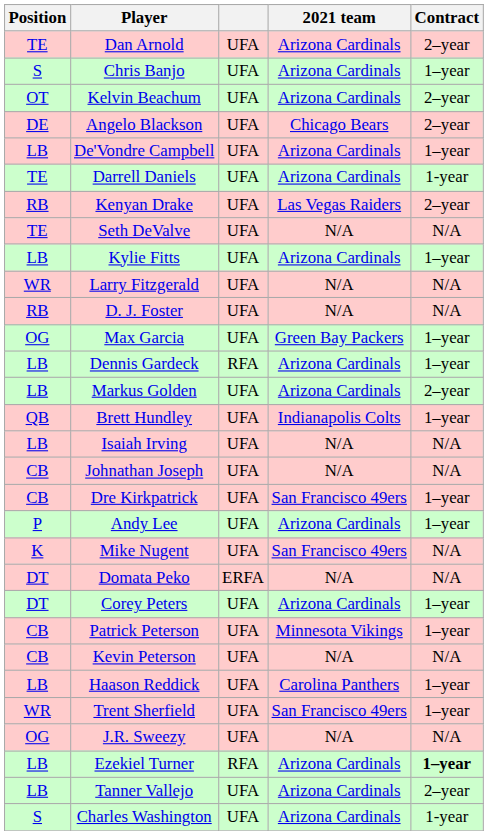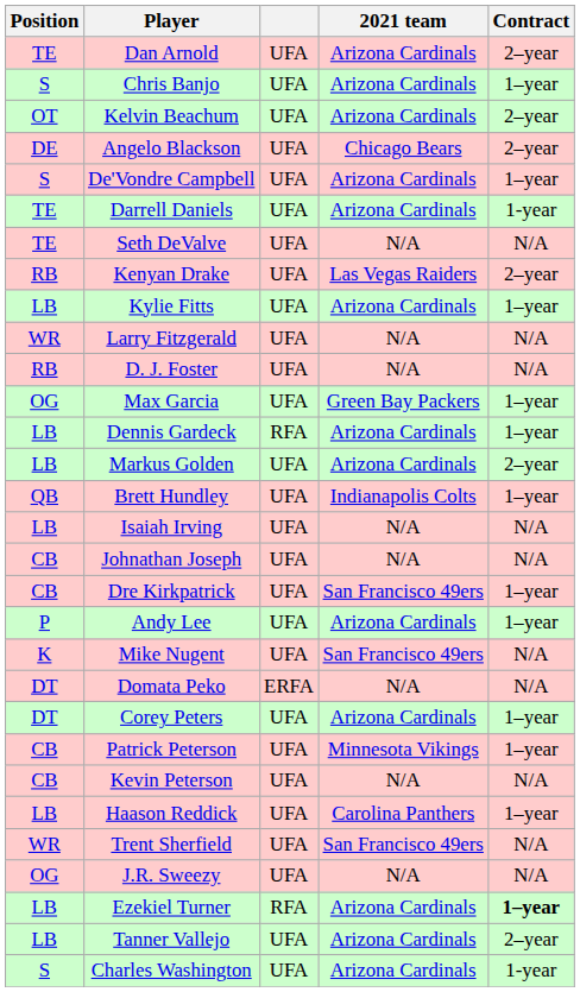 <table class="wikitable" style="text-align:center">
 <tr>
 <th>Position</th>
 <th>Player</th>
 <th></th>
 <th>2021 team</th>
 <th>Contract</th>
 </tr>
 <tr style="background:#fcc">
 <td><a href='#'>TE</a></td>
 <td><a href='#'>Dan Arnold</a></td>
 <td>UFA</td>
 <td><a href='#'>Arizona Cardinals</a></td>
 <td>2–year</td>
 </tr>
 <tr style="background:#cfc">
 <td><a href='#'>S</a></td>
 <td><a href='#'>Chris Banjo</a></td>
 <td>UFA</td>
 <td><a href='#'>Arizona Cardinals</a></td>
 <td>1–year</td>
 </tr>
 <tr style="background:#cfc">
 <td><a href='#'>OT</a></td>
 <td><a href='#'>Kelvin Beachum</a></td>
 <td>UFA</td>
 <td><a href='#'>Arizona Cardinals</a></td>
 <td>2–year</td>
 </tr>
 <tr style="background:#fcc">
 <td><a href='#'>DE</a></td>
 <td><a href='#'>Angelo Blackson</a></td>
 <td>UFA</td>
 <td><a href='#'>Chicago Bears</a></td>
 <td>2–year</td>
 </tr>
 <tr style="background:#fcc">
-<td><a href='#'>LB</a></td>
+<td><a href='#'>S</a></td>
 <td><a href='#'>De'Vondre Campbell</a></td>
 <td>UFA</td>
 <td><a href='#'>Arizona Cardinals</a></td>
 <td>1–year</td>
 </tr>
 <tr style="background:#cfc">
 <td><a href='#'>TE</a></td>
 <td><a href='#'>Darrell Daniels</a></td>
 <td>UFA</td>
 <td><a href='#'>Arizona Cardinals</a></td>
 <td>1-year</td>
 </tr>
 <tr style="background:#fcc">
+<td><a href='#'>TE</a></td>
+<td><a href='#'>Seth DeValve</a></td>
+<td>UFA</td>
+<td>N/A</td>
+<td>N/A</td>
+</tr>
+<tr style="background:#fcc">
 <td><a href='#'>RB</a></td>
 <td><a href='#'>Kenyan Drake</a></td>
 <td>UFA</td>
 <td><a href='#'>Las Vegas Raiders</a></td>
 <td>2–year</td>
-</tr>
-<tr style="background:#fcc">
-<td><a href='#'>TE</a></td>
-<td><a href='#'>Seth DeValve</a></td>
-<td>UFA</td>
-<td>N/A</td>
-<td>N/A</td>
 </tr>
 <tr style="background:#cfc">
 <td><a href='#'>LB</a></td>
 <td><a href='#'>Kylie Fitts</a></td>
 <td>UFA</td>
 <td><a href='#'>Arizona Cardinals</a></td>
 <td>1–year</td>
 </tr>
 <tr style="background:#fcc">
 <td><a href='#'>WR</a></td>
 <td><a href='#'>Larry Fitzgerald</a></td>
 <td>UFA</td>
 <td>N/A</td>
 <td>N/A</td>
 </tr>
 <tr style="background:#fcc">
 <td><a href='#'>RB</a></td>
 <td><a href='#'>D. J. Foster</a></td>
 <td>UFA</td>
 <td>N/A</td>
 <td>N/A</td>
 </tr>
 <tr style="background:#cfc">
 <td><a href='#'>OG</a></td>
 <td><a href='#'>Max Garcia</a></td>
 <td>UFA</td>
 <td><a href='#'>Green Bay Packers</a></td>
 <td>1–year</td>
 </tr>
 <tr style="background:#cfc">
 <td><a href='#'>LB</a></td>
 <td><a href='#'>Dennis Gardeck</a></td>
 <td>RFA</td>
 <td><a href='#'>Arizona Cardinals</a></td>
 <td>1–year</td>
 </tr>
 <tr style="background:#cfc">
 <td><a href='#'>LB</a></td>
 <td><a href='#'>Markus Golden</a></td>
 <td>UFA</td>
 <td><a href='#'>Arizona Cardinals</a></td>
 <td>2–year</td>
 </tr>
 <tr style="background:#fcc">
 <td><a href='#'>QB</a></td>
 <td><a href='#'>Brett Hundley</a></td>
 <td>UFA</td>
 <td><a href='#'>Indianapolis Colts</a></td>
 <td>1–year</td>
 </tr>
 <tr style="background:#fcc">
 <td><a href='#'>LB</a></td>
 <td><a href='#'>Isaiah Irving</a></td>
 <td>UFA</td>
 <td>N/A</td>
 <td>N/A</td>
 </tr>
 <tr style="background:#fcc">
 <td><a href='#'>CB</a></td>
 <td><a href='#'>Johnathan Joseph</a></td>
 <td>UFA</td>
 <td>N/A</td>
 <td>N/A</td>
 </tr>
 <tr style="background:#fcc">
 <td><a href='#'>CB</a></td>
 <td><a href='#'>Dre Kirkpatrick</a></td>
 <td>UFA</td>
 <td><a href='#'>San Francisco 49ers</a></td>
 <td>1–year</td>
 </tr>
 <tr style="background:#cfc">
 <td><a href='#'>P</a></td>
 <td><a href='#'>Andy Lee</a></td>
 <td>UFA</td>
 <td><a href='#'>Arizona Cardinals</a></td>
 <td>1–year</td>
 </tr>
 <tr style="background:#fcc">
 <td><a href='#'>K</a></td>
 <td><a href='#'>Mike Nugent</a></td>
 <td>UFA</td>
 <td><a href='#'>San Francisco 49ers</a></td>
 <td>N/A</td>
 </tr>
 <tr style="background:#fcc">
 <td><a href='#'>DT</a></td>
 <td><a href='#'>Domata Peko</a></td>
 <td>ERFA</td>
 <td>N/A</td>
 <td>N/A</td>
 </tr>
 <tr style="background:#cfc">
 <td><a href='#'>DT</a></td>
 <td><a href='#'>Corey Peters</a></td>
 <td>UFA</td>
 <td><a href='#'>Arizona Cardinals</a></td>
 <td>1–year</td>
 </tr>
 <tr style="background:#fcc">
 <td><a href='#'>CB</a></td>
 <td><a href='#'>Patrick Peterson</a></td>
 <td>UFA</td>
 <td><a href='#'>Minnesota Vikings</a></td>
 <td>1–year</td>
 </tr>
 <tr style="background:#fcc">
 <td><a href='#'>CB</a></td>
 <td><a href='#'>Kevin Peterson</a></td>
 <td>UFA</td>
 <td>N/A</td>
 <td>N/A</td>
 </tr>
 <tr style="background:#fcc">
 <td><a href='#'>LB</a></td>
 <td><a href='#'>Haason Reddick</a></td>
 <td>UFA</td>
 <td><a href='#'>Carolina Panthers</a></td>
 <td>1–year</td>
 </tr>
 <tr style="background:#fcc">
 <td><a href='#'>WR</a></td>
 <td><a href='#'>Trent Sherfield</a></td>
 <td>UFA</td>
 <td><a href='#'>San Francisco 49ers</a></td>
-<td>1–year</td>
+<td>N/A</td>
 </tr>
 <tr style="background:#fcc">
 <td><a href='#'>OG</a></td>
 <td><a href='#'>J.R. Sweezy</a></td>
 <td>UFA</td>
 <td>N/A</td>
 <td>N/A</td>
 </tr>
 <tr style="background:#cfc">
 <td><a href='#'>LB</a></td>
 <td><a href='#'>Ezekiel Turner</a></td>
 <td>RFA</td>
 <td><a href='#'>Arizona Cardinals</a></td>
 <td><strong>1–year</strong></td>
 </tr>
 <tr style="background:#cfc">
 <td><a href='#'>LB</a></td>
 <td><a href='#'>Tanner Vallejo</a></td>
 <td>UFA</td>
 <td><a href='#'>Arizona Cardinals</a></td>
 <td>2–year</td>
 </tr>
 <tr style="background:#cfc">
 <td><a href='#'>S</a></td>
 <td><a href='#'>Charles Washington</a></td>
 <td>UFA</td>
 <td><a href='#'>Arizona Cardinals</a></td>
 <td>1-year</td>
 </tr>
 </table>
